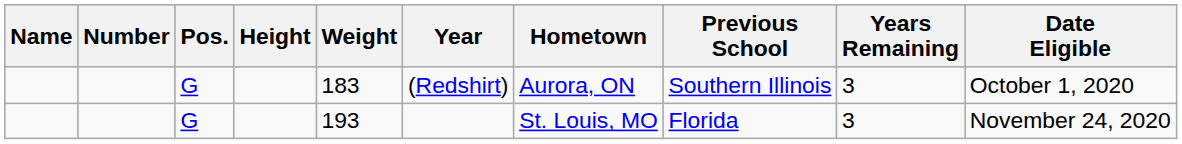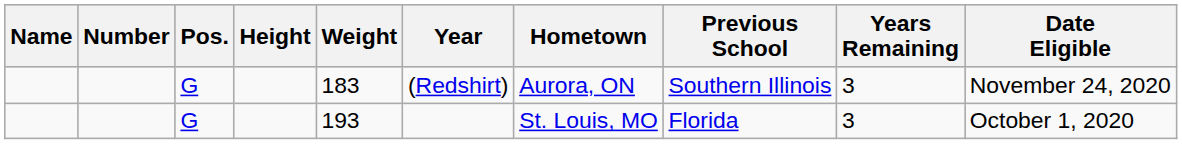 <table class="wikitable sortable" style="font-size:90%;" border="1">
 <tr>
 <th>Name</th>
 <th>Number</th>
 <th>Pos.</th>
 <th>Height</th>
 <th>Weight</th>
 <th>Year</th>
 <th>Hometown</th>
 <th ! class="unsortable">Previous<br>School</th>
 <th ! class="unsortable">Years<br>Remaining</th>
 <th ! class="unsortable">Date<br>Eligible</th>
 </tr>
 <tr>
 <td></td>
 <td></td>
 <td><a href='#'>G</a></td>
 <td></td>
 <td>183</td>
 <td> (<a href='#'>Redshirt</a>)</td>
 <td><a href='#'>Aurora, ON</a></td>
 <td><a href='#'>Southern Illinois</a></td>
 <td>3</td>
-<td>October 1, 2020</td>
+<td>November 24, 2020</td>
 </tr>
 <tr>
 <td></td>
 <td></td>
 <td><a href='#'>G</a></td>
 <td></td>
 <td>193</td>
 <td></td>
 <td><a href='#'>St. Louis, MO</a></td>
 <td><a href='#'>Florida</a></td>
 <td>3</td>
-<td>November 24, 2020</td>
+<td>October 1, 2020</td>
 </tr>
 </table>
